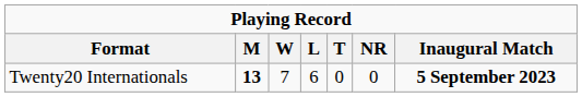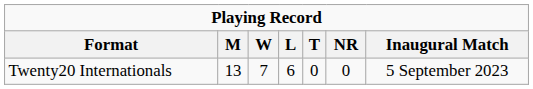 <table class="wikitable" style="text-align: center; width: 500px;">
 <tr>
 <td colspan=7 align="center"><strong>Playing Record</strong></td>
 </tr>
 <tr>
 <th>Format</th>
 <th>M</th>
 <th>W</th>
 <th>L</th>
 <th>T</th>
 <th>NR</th>
 <th>Inaugural Match</th>
 </tr>
 <tr>
 <td align="left">Twenty20 Internationals</td>
-<td><strong>13</strong></td>
+<td>13</td>
 <td>7</td>
 <td>6</td>
 <td>0</td>
 <td>0</td>
-<td><strong>5 September 2023</strong></td>
+<td>5 September 2023</td>
 </tr>
 </table>
